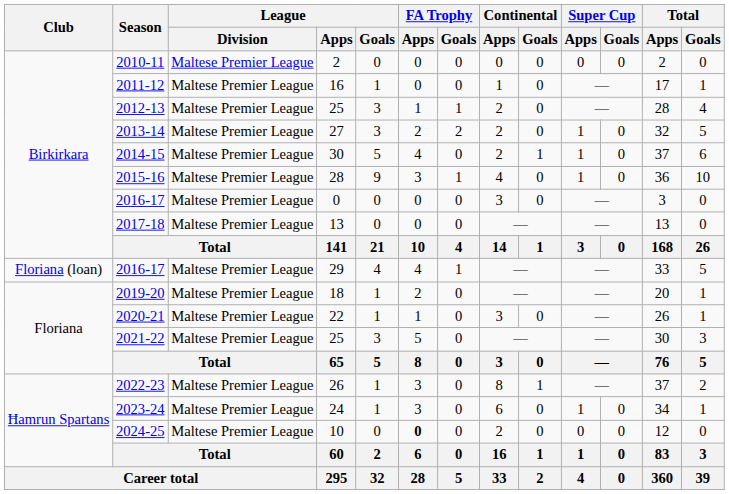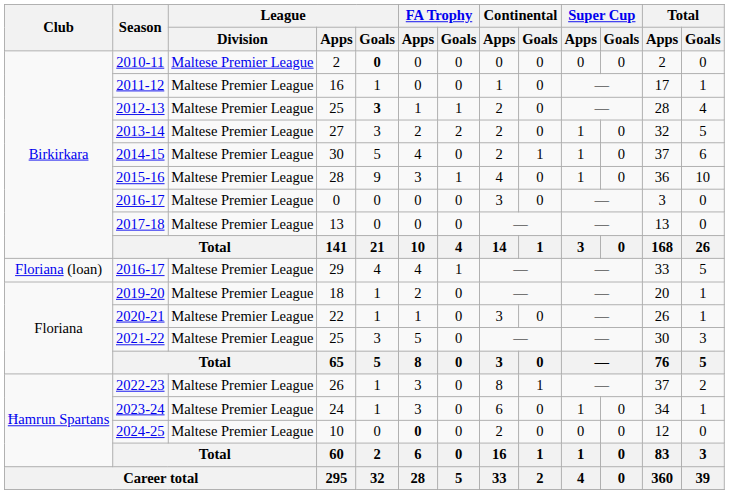 <table class="wikitable" style="text-align:center">
 <tr>
 <th rowspan="2">Club</th>
 <th rowspan="2">Season</th>
 <th colspan="3">League</th>
 <th colspan="2"><a href='#'>FA Trophy</a></th>
 <th colspan="2">Continental</th>
 <th colspan="2"><a href='#'>Super Cup</a></th>
 <th colspan="2">Total</th>
 </tr>
 <tr>
 <th>Division</th>
 <th>Apps</th>
 <th>Goals</th>
 <th>Apps</th>
 <th>Goals</th>
 <th>Apps</th>
 <th>Goals</th>
 <th>Apps</th>
 <th>Goals</th>
 <th>Apps</th>
 <th>Goals</th>
 </tr>
 <tr>
 <td rowspan="9"><a href='#'>Birkirkara</a></td>
 <td><a href='#'>2010-11</a></td>
 <td><a href='#'>Maltese Premier League</a></td>
 <td>2</td>
-<td>0</td>
+<td><strong>0</strong></td>
 <td>0</td>
 <td>0</td>
 <td>0</td>
 <td>0</td>
 <td>0</td>
 <td>0</td>
 <td>2</td>
 <td>0</td>
 </tr>
 <tr>
 <td><a href='#'>2011-12</a></td>
 <td>Maltese Premier League</td>
 <td>16</td>
 <td>1</td>
 <td>0</td>
 <td>0</td>
 <td>1</td>
 <td>0</td>
 <td colspan="2">—</td>
 <td>17</td>
 <td>1</td>
 </tr>
 <tr>
 <td><a href='#'>2012-13</a></td>
 <td>Maltese Premier League</td>
 <td>25</td>
-<td>3</td>
+<td><strong>3</strong></td>
 <td>1</td>
 <td>1</td>
 <td>2</td>
 <td>0</td>
 <td colspan="2">—</td>
 <td>28</td>
 <td>4</td>
 </tr>
 <tr>
 <td><a href='#'>2013-14</a></td>
 <td>Maltese Premier League</td>
 <td>27</td>
 <td>3</td>
 <td>2</td>
 <td>2</td>
 <td>2</td>
 <td>0</td>
 <td>1</td>
 <td>0</td>
 <td>32</td>
 <td>5</td>
 </tr>
 <tr>
 <td><a href='#'>2014-15</a></td>
 <td>Maltese Premier League</td>
 <td>30</td>
 <td>5</td>
 <td>4</td>
 <td>0</td>
 <td>2</td>
 <td>1</td>
 <td>1</td>
 <td>0</td>
 <td>37</td>
 <td>6</td>
 </tr>
 <tr>
 <td><a href='#'>2015-16</a></td>
 <td>Maltese Premier League</td>
 <td>28</td>
 <td>9</td>
 <td>3</td>
 <td>1</td>
 <td>4</td>
 <td>0</td>
 <td>1</td>
 <td>0</td>
 <td>36</td>
 <td>10</td>
 </tr>
 <tr>
 <td><a href='#'>2016-17</a></td>
 <td>Maltese Premier League</td>
 <td>0</td>
 <td>0</td>
 <td>0</td>
 <td>0</td>
 <td>3</td>
 <td>0</td>
 <td colspan="2">—</td>
 <td>3</td>
 <td>0</td>
 </tr>
 <tr>
 <td><a href='#'>2017-18</a></td>
 <td>Maltese Premier League</td>
 <td>13</td>
 <td>0</td>
 <td>0</td>
 <td>0</td>
 <td colspan="2">—</td>
 <td colspan="2">—</td>
 <td>13</td>
 <td>0</td>
 </tr>
 <tr>
 <th colspan="2">Total</th>
 <th>141</th>
 <th>21</th>
 <th>10</th>
 <th>4</th>
 <th>14</th>
 <th>1</th>
 <th>3</th>
 <th>0</th>
 <th>168</th>
 <th>26</th>
 </tr>
 <tr>
 <td><a href='#'>Floriana</a> (loan)</td>
 <td><a href='#'>2016-17</a></td>
 <td>Maltese Premier League</td>
 <td>29</td>
 <td>4</td>
 <td>4</td>
 <td>1</td>
 <td colspan="2">—</td>
 <td colspan="2">—</td>
 <td>33</td>
 <td>5</td>
 </tr>
 <tr>
 <td rowspan="4">Floriana</td>
 <td><a href='#'>2019-20</a></td>
 <td>Maltese Premier League</td>
 <td>18</td>
 <td>1</td>
 <td>2</td>
 <td>0</td>
 <td colspan="2">—</td>
 <td colspan="2">—</td>
 <td>20</td>
 <td>1</td>
 </tr>
 <tr>
 <td><a href='#'>2020-21</a></td>
 <td>Maltese Premier League</td>
 <td>22</td>
 <td>1</td>
 <td>1</td>
 <td>0</td>
 <td>3</td>
 <td>0</td>
 <td colspan="2">—</td>
 <td>26</td>
 <td>1</td>
 </tr>
 <tr>
 <td><a href='#'>2021-22</a></td>
 <td>Maltese Premier League</td>
 <td>25</td>
 <td>3</td>
 <td>5</td>
 <td>0</td>
 <td colspan="2">—</td>
 <td colspan="2">—</td>
 <td>30</td>
 <td>3</td>
 </tr>
 <tr>
 <th colspan="2">Total</th>
 <th>65</th>
 <th>5</th>
 <th>8</th>
 <th>0</th>
 <th>3</th>
 <th>0</th>
 <th colspan="2">—</th>
 <th>76</th>
 <th>5</th>
 </tr>
 <tr>
 <td rowspan="4"><a href='#'>Ħamrun Spartans</a></td>
 <td><a href='#'>2022-23</a></td>
 <td>Maltese Premier League</td>
 <td>26</td>
 <td>1</td>
 <td>3</td>
 <td>0</td>
 <td>8</td>
 <td>1</td>
 <td colspan="2">—</td>
 <td>37</td>
 <td>2</td>
 </tr>
 <tr>
 <td><a href='#'>2023-24</a></td>
 <td>Maltese Premier League</td>
 <td>24</td>
 <td>1</td>
 <td>3</td>
 <td>0</td>
 <td>6</td>
 <td>0</td>
 <td>1</td>
 <td>0</td>
 <td>34</td>
 <td>1</td>
 </tr>
 <tr>
 <td><a href='#'>2024-25</a></td>
 <td>Maltese Premier League</td>
 <td>10</td>
 <td>0</td>
 <td><strong>0</strong></td>
 <td>0</td>
 <td>2</td>
 <td>0</td>
 <td>0</td>
 <td>0</td>
 <td>12</td>
 <td>0</td>
 </tr>
 <tr>
 <th colspan="2">Total</th>
 <th>60</th>
 <th>2</th>
 <th>6</th>
 <th>0</th>
 <th>16</th>
 <th>1</th>
 <th>1</th>
 <th>0</th>
 <th>83</th>
 <th>3</th>
 </tr>
 <tr>
 <th colspan="3">Career total</th>
 <th>295</th>
 <th>32</th>
 <th>28</th>
 <th>5</th>
 <th>33</th>
 <th>2</th>
 <th>4</th>
 <th>0</th>
 <th>360</th>
 <th>39</th>
 </tr>
 </table>
